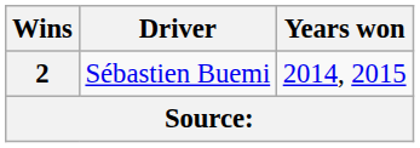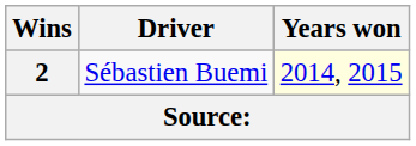 <table class="wikitable" style="font-size: 95%;">
 <tr>
 <th>Wins</th>
 <th>Driver</th>
 <th>Years won</th>
 </tr>
 <tr>
 <th>2</th>
 <td> <a href='#'>Sébastien Buemi</a></td>
-<td><a href='#'>2014</a>, <a href='#'>2015</a></td>
+<td style="background: lightyellow;"><a href='#'>2014</a>, <a href='#'>2015</a></td>
 </tr>
 <tr>
 <th colspan=3>Source:</th>
 </tr>
 </table>
